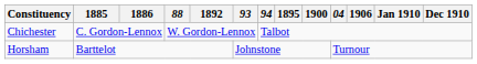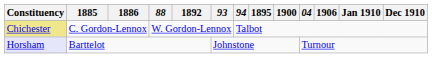 <table class="wikitable">
 <tr>
 <th>Constituency</th>
 <th>1885</th>
 <th>1886</th>
 <th><em>88</em></th>
 <th>1892</th>
 <th><em>93</em></th>
 <th><em>94</em></th>
 <th>1895</th>
 <th>1900</th>
 <th><em>04</em></th>
 <th>1906</th>
 <th>Jan 1910</th>
 <th>Dec 1910</th>
 </tr>
 <tr>
-<td><a href='#'>Chichester</a></td>
+<td style="background: khaki;"><a href='#'>Chichester</a></td>
 <td colspan="2"><a href='#'>C. Gordon-Lennox</a></td>
 <td colspan="3"><a href='#'>W. Gordon-Lennox</a></td>
 <td colspan="7"><a href='#'>Talbot</a></td>
 </tr>
 <tr>
-<td><a href='#'>Horsham</a></td>
+<td style="background: lavender;"><a href='#'>Horsham</a></td>
 <td colspan="4"><a href='#'>Barttelot</a></td>
 <td colspan="4"><a href='#'>Johnstone</a></td>
 <td colspan="4"><a href='#'>Turnour</a></td>
 </tr>
 </table>
